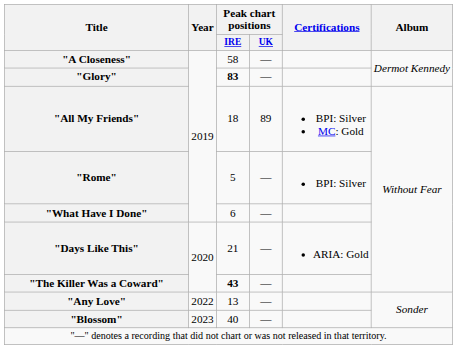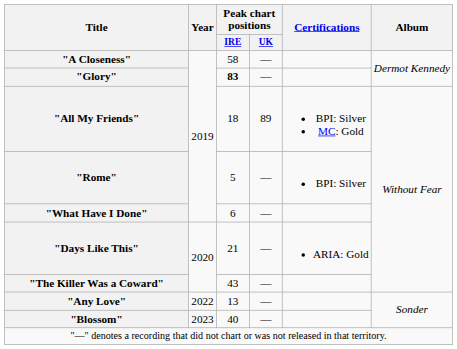 <table class="wikitable plainrowheaders" style="text-align:center;" border="1">
 <tr>
 <th scope="col" rowspan="2" style="width:16em;">Title</th>
 <th scope="col" rowspan="2" style="width:1em;">Year</th>
 <th scope="col" colspan="2">Peak chart positions</th>
 <th scope="col" rowspan="2"><a href='#'>Certifications</a></th>
 <th scope="col" rowspan="2">Album</th>
 </tr>
 <tr>
 <th scope="col" style="width:3em;font-size:85%;"><a href='#'>IRE</a><br></th>
 <th scope="col" style="width:3em;font-size:85%;"><a href='#'>UK</a><br></th>
 </tr>
 <tr>
 <th scope="row">"A Closeness"</th>
 <td rowspan="5">2019</td>
 <td>58</td>
 <td>—</td>
 <td></td>
 <td rowspan="2"><em>Dermot Kennedy</em></td>
 </tr>
 <tr>
 <th scope="row">"Glory"</th>
 <td><strong>83</strong></td>
 <td>—</td>
 <td></td>
 </tr>
 <tr>
 <th scope="row">"All My Friends"</th>
 <td>18</td>
 <td>89</td>
 <td><br><ul><li>BPI: Silver</li><li><a href='#'>MC</a>: Gold</li></ul></td>
 <td rowspan="5"><em>Without Fear</em></td>
 </tr>
 <tr>
 <th scope="row">"Rome"</th>
 <td>5</td>
 <td>—</td>
 <td><br><ul><li>BPI: Silver</li></ul></td>
 </tr>
 <tr>
 <th scope="row">"What Have I Done"</th>
 <td>6</td>
 <td>—</td>
 <td></td>
 </tr>
 <tr>
 <th scope="row">"Days Like This"</th>
 <td rowspan="2">2020</td>
 <td>21</td>
 <td>—</td>
 <td><br><ul><li>ARIA: Gold</li></ul></td>
 </tr>
 <tr>
 <th scope="row">"The Killer Was a Coward"</th>
-<td><strong>43</strong></td>
+<td>43</td>
 <td>—</td>
 <td></td>
 </tr>
 <tr>
 <th scope="row">"Any Love"</th>
 <td>2022</td>
 <td>13</td>
 <td>—</td>
 <td></td>
 <td rowspan="2"><em>Sonder</em></td>
 </tr>
 <tr>
 <th scope="row">"Blossom"</th>
 <td>2023</td>
 <td>40</td>
 <td>—</td>
 <td></td>
 </tr>
 <tr>
 <td colspan="7" style="font-size:90%">"—" denotes a recording that did not chart or was not released in that territory.</td>
 </tr>
 </table>
